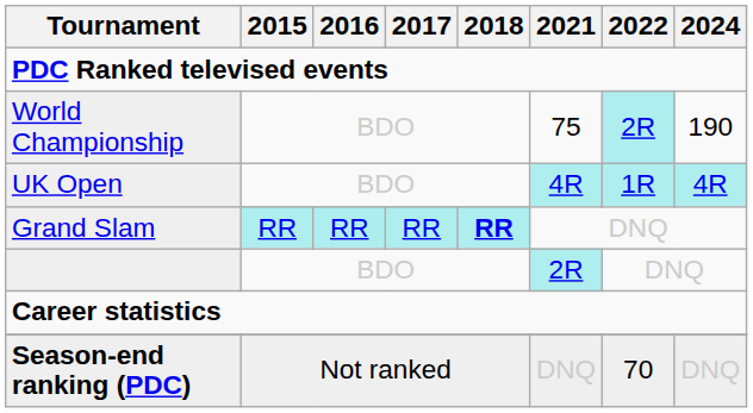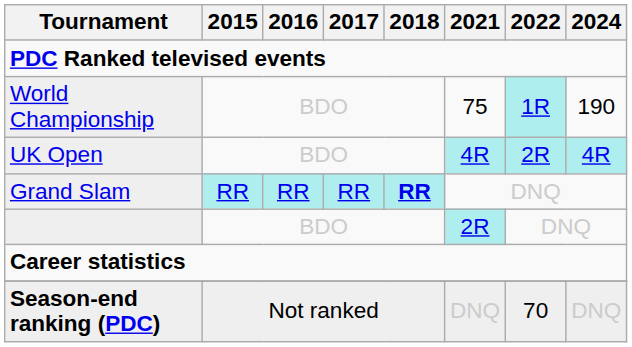 <table class="wikitable" style="width:50%; margin:0">
 <tr>
 <th>Tournament</th>
 <th>2015</th>
 <th>2016</th>
 <th>2017</th>
 <th>2018</th>
 <th>2021</th>
 <th>2022</th>
 <th>2024</th>
 </tr>
 <tr>
 <td colspan="31" align="left"><strong><a href='#'>PDC</a> Ranked televised events</strong></td>
 </tr>
 <tr>
 <td style="background:#efefef;"><a href='#'>World Championship</a></td>
 <td colspan="4" style="text-align:center; color:#ccc;">BDO</td>
 <td style="text-align:center;">75</td>
-<td style="text-align:center; background:#afeeee;"><a href='#'>2R</a></td>
+<td style="text-align:center; background:#afeeee;"><a href='#'>1R</a></td>
 <td style="text-align:center;">190</td>
 </tr>
 <tr>
 <td style="background:#efefef;"><a href='#'>UK Open</a></td>
 <td colspan="4" style="text-align:center; color:#ccc;">BDO</td>
 <td style="text-align:center; background:#afeeee;"><a href='#'>4R</a></td>
-<td style="text-align:center; background:#afeeee;"><a href='#'>1R</a></td>
+<td style="text-align:center; background:#afeeee;"><a href='#'>2R</a></td>
 <td style="text-align:center; background:#afeeee;"><a href='#'>4R</a></td>
 </tr>
 <tr>
 <td style="background:#efefef;"><a href='#'>Grand Slam</a></td>
 <td style="text-align:center; background:#afeeee;"><a href='#'>RR</a></td>
 <td style="text-align:center; background:#afeeee;"><a href='#'>RR</a></td>
 <td style="text-align:center; background:#afeeee;"><a href='#'>RR</a></td>
 <td style="text-align:center; background:#afeeee;"><strong><a href='#'>RR</a></strong></td>
 <td colspan="3" style="text-align:center; color:#ccc;">DNQ</td>
 </tr>
 <tr>
 <td style="background:#efefef;"></td>
 <td colspan="4" style="text-align:center; color:#ccc;">BDO</td>
 <td style="text-align:center; background:#afeeee;"><a href='#'>2R</a></td>
 <td colspan="2" style="text-align:center; color:#ccc;">DNQ</td>
 </tr>
 <tr>
 <td colspan="19" align="left"><strong>Career statistics</strong></td>
 </tr>
 <tr>
 </tr>
 <tr bgcolor="efefef">
 <td align="left"><strong>Season-end ranking (<a href='#'>PDC</a>)</strong></td>
 <td colspan="4" style="text-align:center;">Not ranked</td>
 <td style="text-align:center; color:#ccc;">DNQ</td>
 <td style="text-align:center;">70</td>
 <td style="text-align:center; color:#ccc;">DNQ</td>
 </tr>
 </table>
